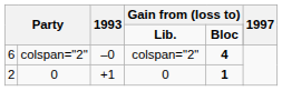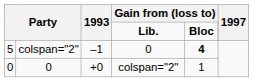 <table class="wikitable"  style="text-align:center;">
 <tr>
 <th rowspan="2" colspan="2">Party</th>
 <th rowspan="2">1993</th>
 <th colspan="4">Gain from (loss to)</th>
 <th rowspan="2">1997</th>
 </tr>
 <tr>
 <td><strong>Lib.</strong></td>
 <td><strong>Bloc</strong></td>
 </tr>
 <tr>
-<td>6</td>
+<td>5</td>
 <td>colspan="2" </td>
-<td>–0</td>
-<td>colspan="2" </td>
+<td>–1</td>
+<td>0</td>
 <td><strong>4</strong></td>
 </tr>
 <tr>
-<td>2</td>
 <td>0</td>
-<td>+1</td>
 <td>0</td>
-<td><strong>1</strong></td>
+<td>+0</td>
+<td>colspan="2" </td>
+<td>1</td>
 </tr>
 </table>
